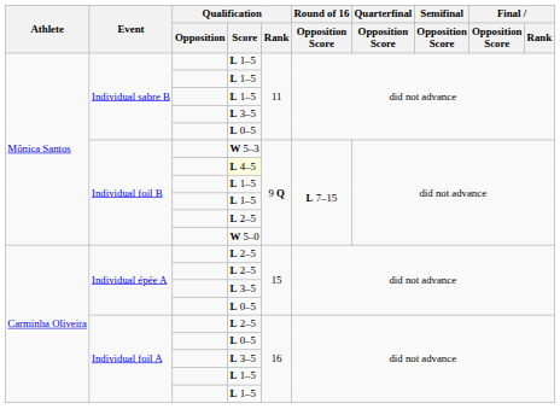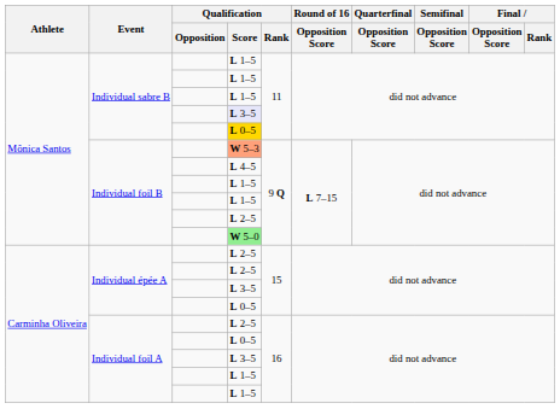 <table class=wikitable style="font-size:90%">
 <tr>
 <th rowspan="2">Athlete</th>
 <th rowspan="2">Event</th>
 <th colspan="3">Qualification</th>
 <th>Round of 16</th>
 <th>Quarterfinal</th>
 <th>Semifinal</th>
 <th colspan="2">Final / </th>
 </tr>
 <tr>
 <th>Opposition</th>
 <th>Score</th>
 <th>Rank</th>
 <th>Opposition<br>Score</th>
 <th>Opposition<br>Score</th>
 <th>Opposition<br>Score</th>
 <th>Opposition<br>Score</th>
 <th>Rank</th>
 </tr>
 <tr>
 <td rowspan=11><a href='#'>Mônica Santos</a></td>
 <td rowspan=5><a href='#'>Individual sabre B</a></td>
 <td></td>
 <td><strong>L</strong> 1–5</td>
 <td align="center" rowspan=5>11</td>
 <td align="center" rowspan=5 colspan=5>did not advance</td>
 </tr>
 <tr>
 <td></td>
 <td><strong>L</strong> 1–5</td>
 </tr>
 <tr>
 <td></td>
 <td><strong>L</strong> 1–5</td>
 </tr>
 <tr>
 <td></td>
-<td><strong>L</strong> 3–5</td>
+<td style="background: lavender;"><strong>L</strong> 3–5</td>
 </tr>
 <tr>
 <td></td>
-<td><strong>L</strong> 0–5</td>
+<td style="background: gold;"><strong>L</strong> 0–5</td>
 </tr>
 <tr>
 <td rowspan=6><a href='#'>Individual foil B</a></td>
 <td></td>
-<td><strong>W</strong> 5–3</td>
+<td style="background: lightsalmon;"><strong>W</strong> 5–3</td>
 <td align="center" rowspan=6>9 <strong>Q</strong></td>
 <td align="center" rowspan=6><br><strong>L</strong> 7–15</td>
 <td align="center" rowspan=6 colspan=5>did not advance</td>
 </tr>
 <tr>
 <td></td>
-<td style="background: lightyellow;"><strong>L</strong> 4–5</td>
+<td><strong>L</strong> 4–5</td>
 </tr>
 <tr>
 <td></td>
 <td><strong>L</strong> 1–5</td>
 </tr>
 <tr>
 <td></td>
 <td><strong>L</strong> 1–5</td>
 </tr>
 <tr>
 <td></td>
 <td><strong>L</strong> 2–5</td>
 </tr>
 <tr>
 <td></td>
-<td><strong>W</strong> 5–0</td>
+<td style="background: lightgreen;"><strong>W</strong> 5–0</td>
 </tr>
 <tr>
 <td rowspan=9><a href='#'>Carminha Oliveira</a></td>
 <td rowspan=4><a href='#'>Individual épée A</a></td>
 <td></td>
 <td><strong>L</strong> 2–5</td>
 <td align="center" rowspan=4>15</td>
 <td align="center" rowspan=4 colspan=5>did not advance</td>
 </tr>
 <tr>
 <td></td>
 <td><strong>L</strong> 2–5</td>
 </tr>
 <tr>
 <td></td>
 <td><strong>L</strong> 3–5</td>
 </tr>
 <tr>
 <td></td>
 <td><strong>L</strong> 0–5</td>
 </tr>
 <tr>
 <td rowspan=5><a href='#'>Individual foil A</a></td>
 <td></td>
 <td><strong>L</strong> 2–5</td>
 <td align="center" rowspan=5>16</td>
 <td align="center" rowspan=5 colspan=5>did not advance</td>
 </tr>
 <tr>
 <td></td>
 <td><strong>L</strong> 0–5</td>
 </tr>
 <tr>
 <td></td>
 <td><strong>L</strong> 3–5</td>
 </tr>
 <tr>
 <td></td>
 <td><strong>L</strong> 1–5</td>
 </tr>
 <tr>
 <td></td>
 <td><strong>L</strong> 1–5</td>
 </tr>
 </table>
